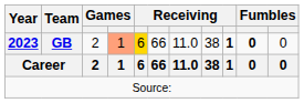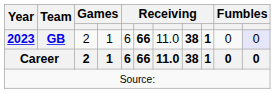 <table class= "wikitable" style="text-align:center;">
 <tr>
 <th rowspan="2">Year</th>
 <th rowspan="2">Team</th>
 <th colspan="2">Games</th>
 <th colspan="5">Receiving</th>
 <th colspan="2">Fumbles</th>
 </tr>
 <tr>
 <th></th>
 <th></th>
 <th></th>
 <th></th>
 <th></th>
 <th></th>
 <th></th>
 <th></th>
 <th></th>
 </tr>
 <tr>
 <th><a href='#'>2023</a></th>
 <th><a href='#'>GB</a></th>
 <td>2</td>
-<td style="background: lightsalmon;">1</td>
-<td style="background: gold;">6</td>
-<td>66</td>
+<td>1</td>
+<td>6</td>
+<td><strong>66</strong></td>
 <td>11.0</td>
-<td>38</td>
+<td><strong>38</strong></td>
 <td><strong>1</strong></td>
-<td><strong>0</strong></td>
 <td>0</td>
+<td style="background: lavender;">0</td>
 </tr>
 <tr>
 <th colspan="2">Career</th>
 <th>2</th>
 <th>1</th>
 <th>6</th>
 <th>66</th>
 <th>11.0</th>
 <th>38</th>
 <th>1</th>
 <th>0</th>
 <th>0</th>
 </tr>
 <tr>
 <td colspan="11"><small>Source: </small></td>
 </tr>
 </table>
